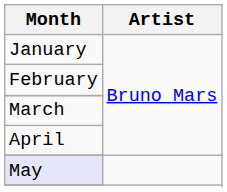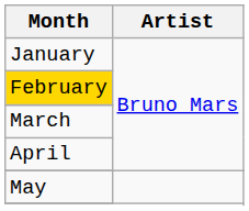 <table class="wikitable sortable plainrowheaders">
 <tr>
 <th>Month</th>
 <th>Artist</th>
 </tr>
 <tr>
 <td>January</td>
 <td rowspan="5"><a href='#'>Bruno Mars</a></td>
 </tr>
 <tr>
-<td>February</td>
+<td style="background: gold;">February</td>
 </tr>
 <tr>
 </tr>
 <tr>
 <td>March</td>
 </tr>
 <tr>
 <td>April</td>
 </tr>
 <tr>
 </tr>
 <tr>
-<td style="background: lavender;">May</td>
+<td>May</td>
 </tr>
 <tr>
 </tr>
 </table>
